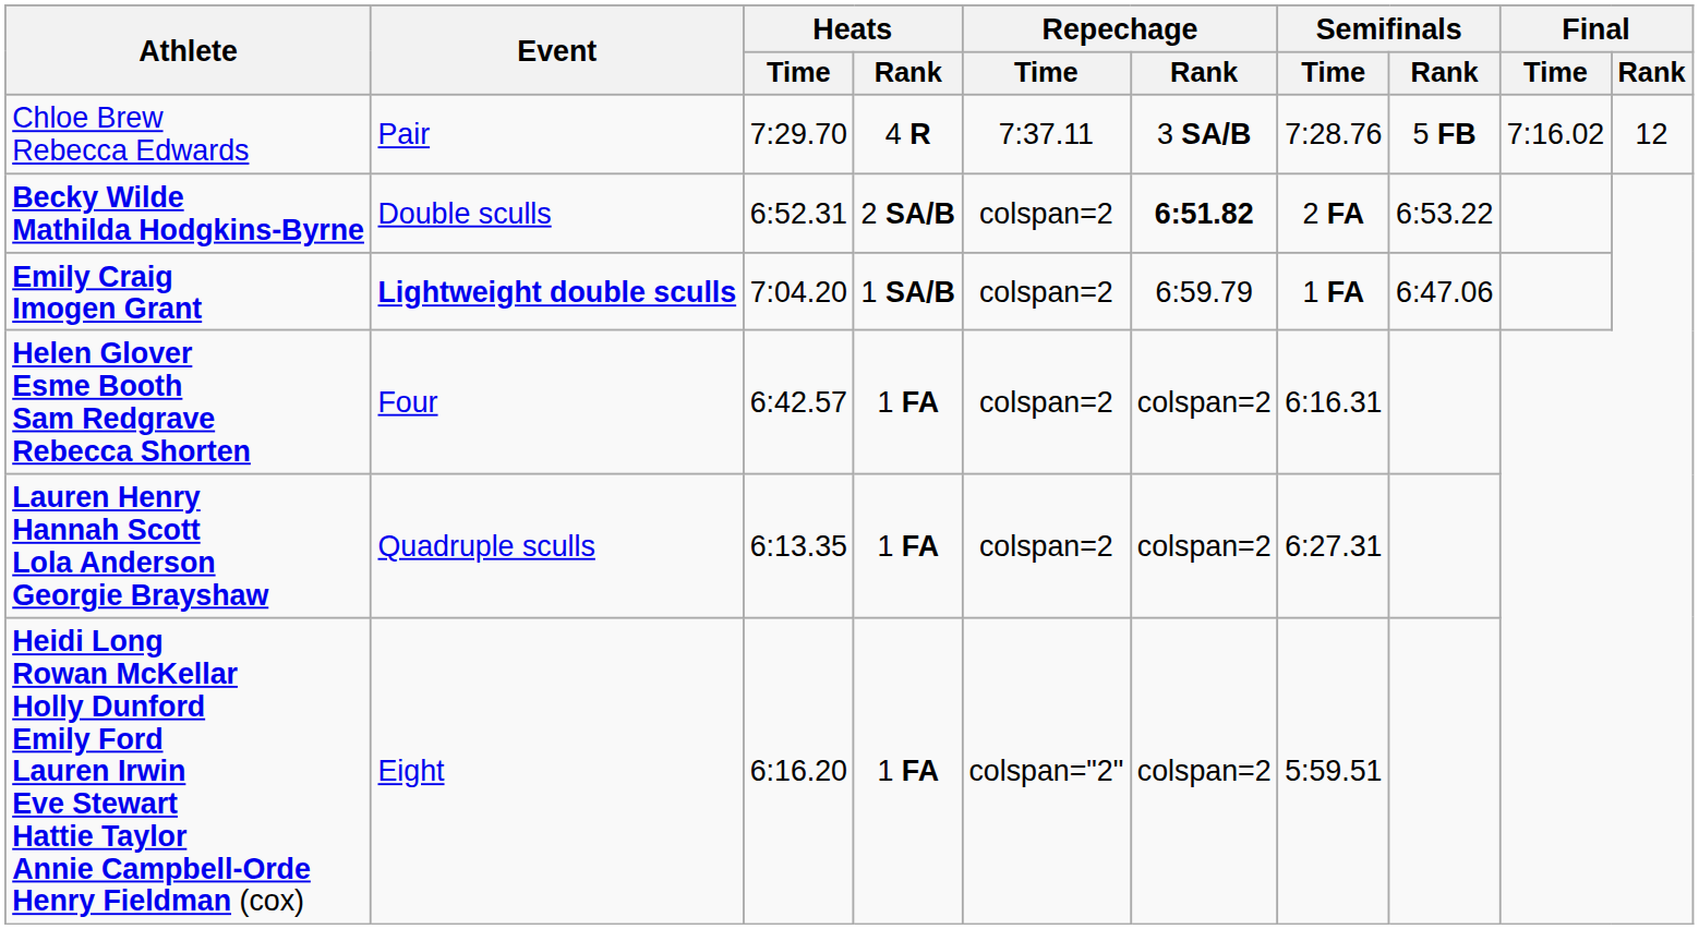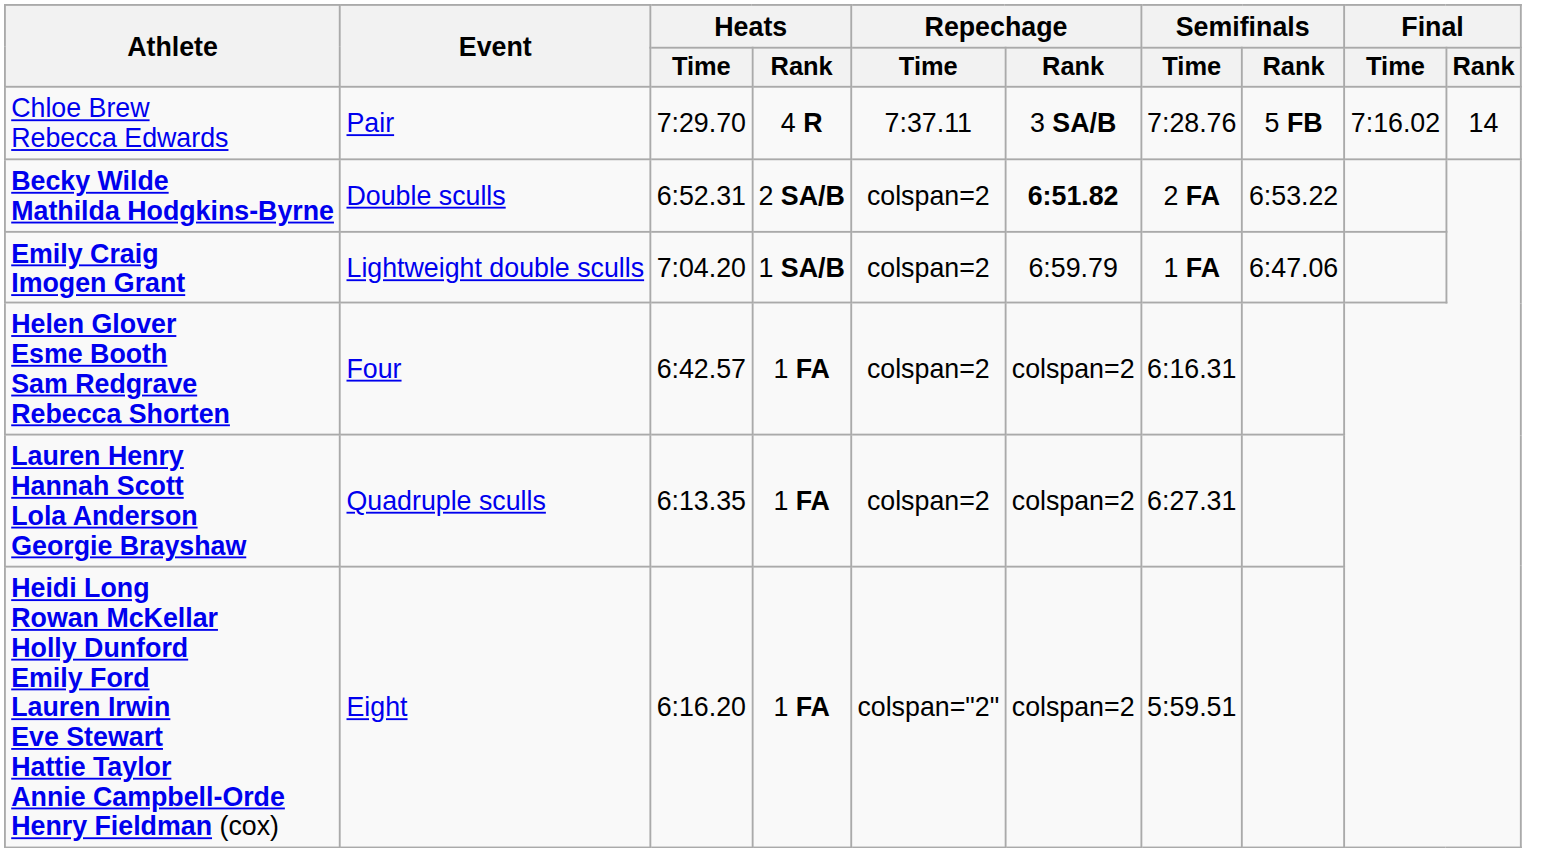 <table class=wikitable style=font-size:90%;text-align:center>
 <tr>
 <th rowspan=2>Athlete</th>
 <th rowspan=2>Event</th>
 <th colspan=2>Heats</th>
 <th colspan=2>Repechage</th>
 <th colspan=2>Semifinals</th>
 <th colspan=2>Final</th>
 </tr>
 <tr style=font-size:95%>
 <th>Time</th>
 <th>Rank</th>
 <th>Time</th>
 <th>Rank</th>
 <th>Time</th>
 <th>Rank</th>
 <th>Time</th>
 <th>Rank</th>
 </tr>
 <tr>
 <td align=left><a href='#'>Chloe Brew</a><br><a href='#'>Rebecca Edwards</a></td>
 <td align=left><a href='#'>Pair</a></td>
 <td>7:29.70</td>
 <td>4 <strong>R</strong></td>
 <td>7:37.11</td>
 <td>3 <strong>SA/B</strong></td>
 <td>7:28.76</td>
 <td>5 <strong>FB</strong></td>
 <td>7:16.02</td>
-<td>12</td>
+<td>14</td>
 </tr>
 <tr>
 <td align=left><strong><a href='#'>Becky Wilde</a></strong><br><strong><a href='#'>Mathilda Hodgkins-Byrne</a></strong></td>
 <td align=left><a href='#'>Double sculls</a></td>
 <td>6:52.31</td>
 <td>2 <strong>SA/B</strong></td>
 <td>colspan=2 </td>
 <td><strong>6:51.82</strong></td>
 <td>2 <strong>FA</strong></td>
 <td>6:53.22</td>
 <td></td>
 </tr>
 <tr>
 <td align=left><strong><a href='#'>Emily Craig</a></strong><br><strong><a href='#'>Imogen Grant</a></strong></td>
-<td align=left><strong><a href='#'>Lightweight double sculls</a></strong></td>
+<td align=left><a href='#'>Lightweight double sculls</a></td>
 <td>7:04.20</td>
 <td>1 <strong>SA/B</strong></td>
 <td>colspan=2 </td>
 <td>6:59.79</td>
 <td>1 <strong>FA</strong></td>
 <td>6:47.06</td>
 <td></td>
 </tr>
 <tr>
 <td align=left><strong><a href='#'>Helen Glover</a></strong><br><strong><a href='#'>Esme Booth</a></strong><br><strong><a href='#'>Sam Redgrave</a></strong><br><strong><a href='#'>Rebecca Shorten</a></strong></td>
 <td align=left><a href='#'>Four</a></td>
 <td>6:42.57</td>
 <td>1 <strong>FA</strong></td>
 <td>colspan=2 </td>
 <td>colspan=2 </td>
 <td>6:16.31</td>
 <td></td>
 </tr>
 <tr>
 <td align=left><strong><a href='#'>Lauren Henry</a></strong><br><strong><a href='#'>Hannah Scott</a></strong><br><strong><a href='#'>Lola Anderson</a></strong><br><strong><a href='#'>Georgie Brayshaw</a></strong></td>
 <td align=left><a href='#'>Quadruple sculls</a></td>
 <td>6:13.35</td>
 <td>1 <strong>FA</strong></td>
 <td>colspan=2 </td>
 <td>colspan=2 </td>
 <td>6:27.31</td>
 <td></td>
 </tr>
 <tr>
 <td align=left><strong><a href='#'>Heidi Long</a></strong> <br><strong><a href='#'>Rowan McKellar</a></strong><br><strong><a href='#'>Holly Dunford</a></strong><br><strong><a href='#'>Emily Ford</a></strong><br><strong><a href='#'>Lauren Irwin</a></strong><br><strong><a href='#'>Eve Stewart</a></strong><br><strong><a href='#'>Hattie Taylor</a></strong><br><strong><a href='#'>Annie Campbell-Orde</a></strong><br><strong><a href='#'>Henry Fieldman</a></strong> (cox)</td>
 <td align=left><a href='#'>Eight</a></td>
 <td>6:16.20</td>
 <td>1 <strong>FA</strong></td>
 <td>colspan="2" </td>
 <td>colspan=2 </td>
 <td>5:59.51</td>
 <td></td>
 </tr>
 </table>
